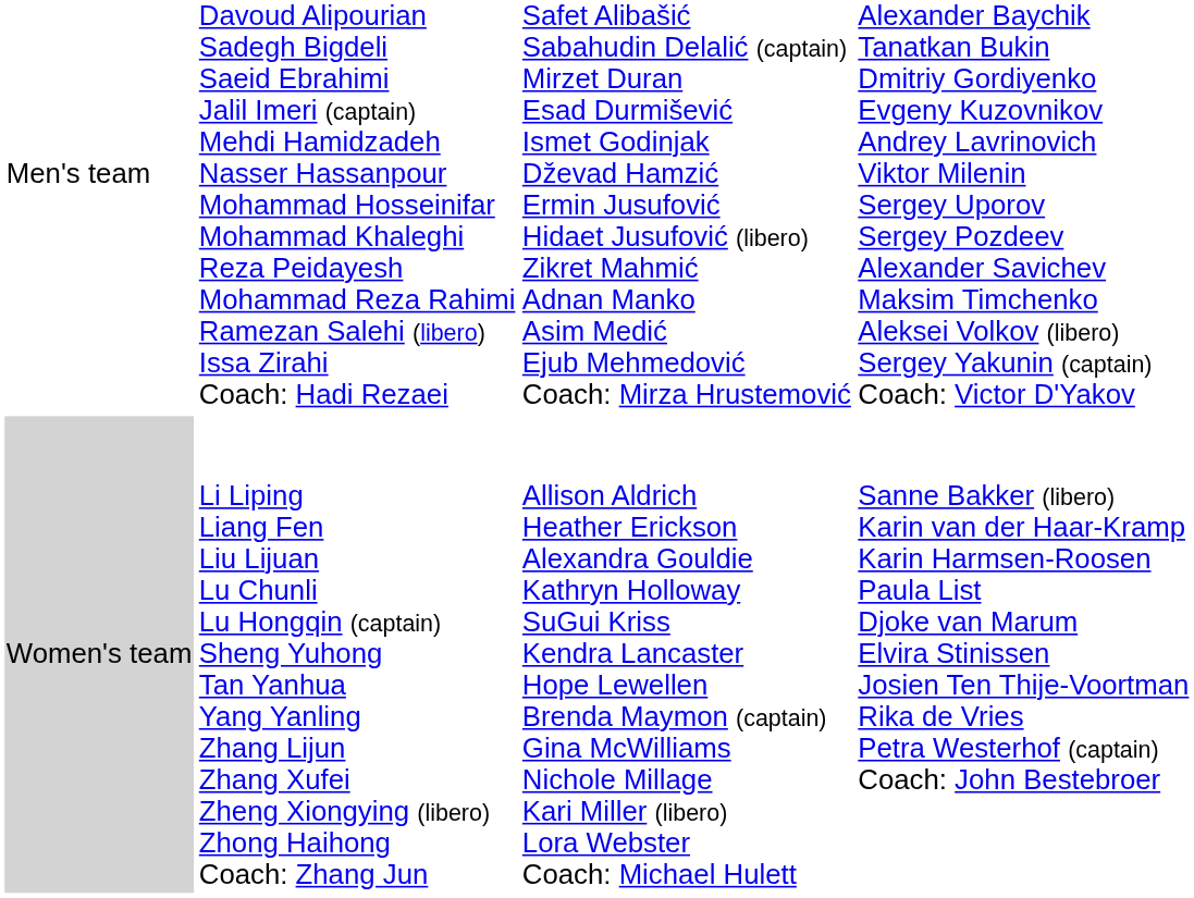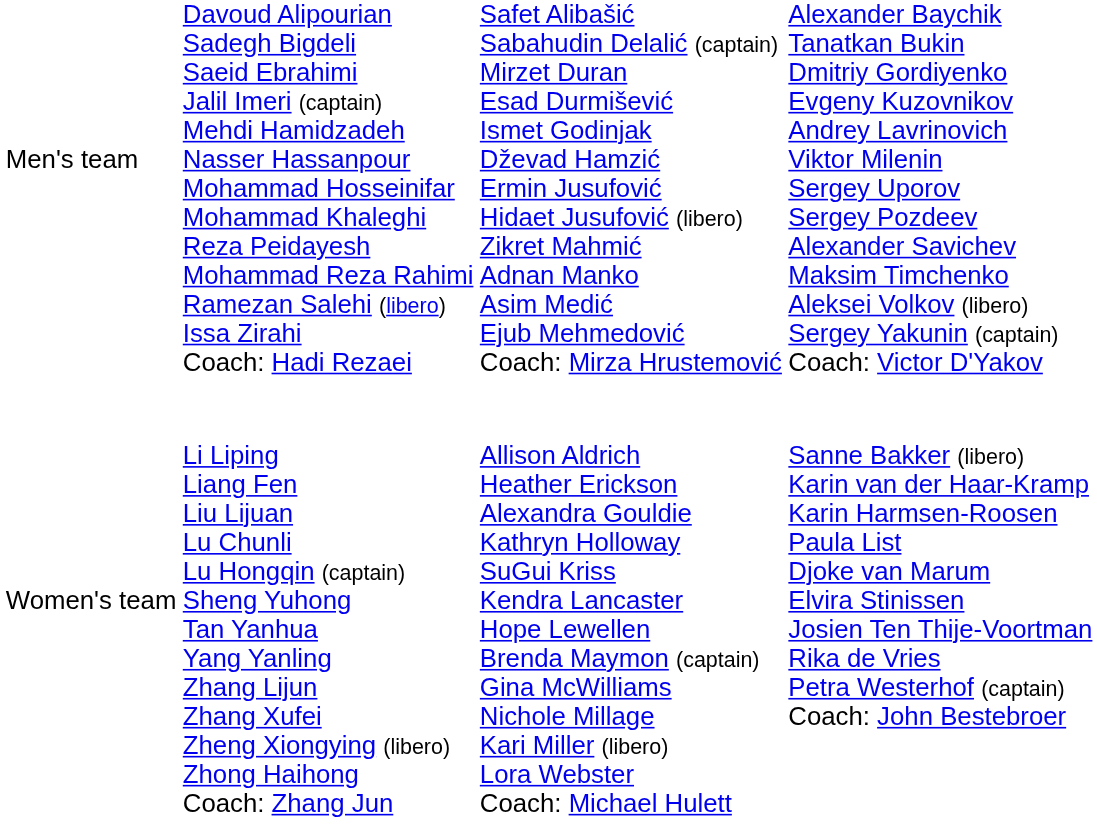 <table>
 <tr>
 <td>Men's team</td>
 <td valign="top"> <br><br><a href='#'>Davoud Alipourian</a> <br> <a href='#'>Sadegh Bigdeli</a> <br> <a href='#'>Saeid Ebrahimi</a> <br> <a href='#'>Jalil Imeri</a> <small>(captain)</small> <br> <a href='#'>Mehdi Hamidzadeh</a> <br> <a href='#'>Nasser Hassanpour</a> <br> <a href='#'>Mohammad Hosseinifar</a> <br> <a href='#'>Mohammad Khaleghi</a> <br> <a href='#'>Reza Peidayesh</a> <br> <a href='#'>Mohammad Reza Rahimi</a> <br> <a href='#'>Ramezan Salehi</a> <small>(<a href='#'>libero</a>)</small> <br> <a href='#'>Issa Zirahi</a> <br> Coach: <a href='#'>Hadi Rezaei</a></td>
 <td valign="top"> <br><br><a href='#'>Safet Alibašić</a> <br> <a href='#'>Sabahudin Delalić</a> <small>(captain)</small> <br> <a href='#'>Mirzet Duran</a> <br> <a href='#'>Esad Durmišević</a> <br> <a href='#'>Ismet Godinjak</a> <br> <a href='#'>Dževad Hamzić</a> <br> <a href='#'>Ermin Jusufović</a> <br> <a href='#'>Hidaet Jusufović</a> <small>(libero)</small> <br> <a href='#'>Zikret Mahmić</a> <br> <a href='#'>Adnan Manko</a> <br> <a href='#'>Asim Medić</a> <br> <a href='#'>Ejub Mehmedović</a> <br> Coach: <a href='#'>Mirza Hrustemović</a></td>
 <td valign="top"> <br><br><a href='#'>Alexander Baychik</a> <br> <a href='#'>Tanatkan Bukin</a> <br> <a href='#'>Dmitriy Gordiyenko</a> <br> <a href='#'>Evgeny Kuzovnikov</a> <br> <a href='#'>Andrey Lavrinovich</a> <br> <a href='#'>Viktor Milenin</a> <br> <a href='#'>Sergey Uporov</a> <br> <a href='#'>Sergey Pozdeev</a> <br> <a href='#'>Alexander Savichev</a> <br> <a href='#'>Maksim Timchenko</a> <br> <a href='#'>Aleksei Volkov</a> <small>(libero)</small> <br> <a href='#'>Sergey Yakunin</a> <small>(captain)</small> <br> Coach: <a href='#'>Victor D'Yakov</a></td>
 </tr>
 <tr>
-<td style="background: lightgrey;">Women's team</td>
+<td>Women's team</td>
 <td valign="top"> <br><br><a href='#'>Li Liping</a> <br> <a href='#'>Liang Fen</a> <br> <a href='#'>Liu Lijuan</a> <br> <a href='#'>Lu Chunli</a> <br> <a href='#'>Lu Hongqin</a> <small>(captain)</small> <br> <a href='#'>Sheng Yuhong</a> <br> <a href='#'>Tan Yanhua</a> <br> <a href='#'>Yang Yanling</a> <br> <a href='#'>Zhang Lijun</a> <br> <a href='#'>Zhang Xufei</a> <br> <a href='#'>Zheng Xiongying</a> <small>(libero)</small> <br> <a href='#'>Zhong Haihong</a> <br> Coach: <a href='#'>Zhang Jun</a></td>
 <td valign="top"> <br><br><a href='#'>Allison Aldrich</a> <br> <a href='#'>Heather Erickson</a> <br> <a href='#'>Alexandra Gouldie</a> <br> <a href='#'>Kathryn Holloway</a> <br> <a href='#'>SuGui Kriss</a> <br> <a href='#'>Kendra Lancaster</a> <br> <a href='#'>Hope Lewellen</a> <br> <a href='#'>Brenda Maymon</a> <small>(captain)</small> <br> <a href='#'>Gina McWilliams</a> <br> <a href='#'>Nichole Millage</a> <br> <a href='#'>Kari Miller</a> <small>(libero)</small> <br> <a href='#'>Lora Webster</a> <br> Coach: <a href='#'>Michael Hulett</a></td>
 <td valign="top"> <br><br><a href='#'>Sanne Bakker</a> <small>(libero)</small> <br> <a href='#'>Karin van der Haar-Kramp</a> <br> <a href='#'>Karin Harmsen-Roosen</a> <br> <a href='#'>Paula List</a> <br> <a href='#'>Djoke van Marum</a> <br> <a href='#'>Elvira Stinissen</a> <br> <a href='#'>Josien Ten Thije-Voortman</a> <br> <a href='#'>Rika de Vries</a> <br> <a href='#'>Petra Westerhof</a> <small>(captain)</small> <br> Coach: <a href='#'>John Bestebroer</a></td>
 </tr>
 </table>
